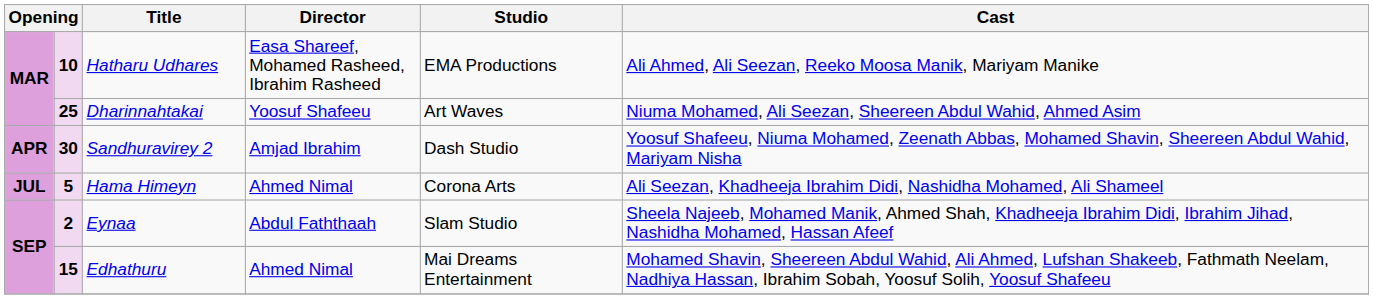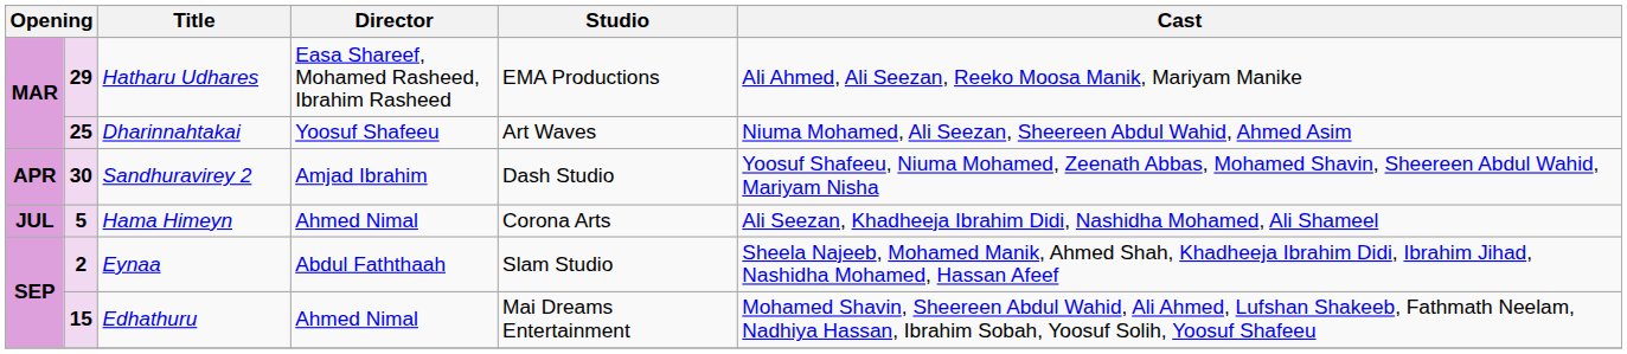 <table class="wikitable plainrowheaders" width="100%">
 <tr>
 <th scope="col" colspan="2" width=4%>Opening</th>
 <th scope="col" width=12%>Title</th>
 <th scope="col" width=13%>Director</th>
 <th scope="col" width=15%>Studio</th>
 <th scope="col" width=61%>Cast</th>
 </tr>
 <tr>
 <td style="text-align:center; background:plum; textcolor:#000;" rowspan="2"><strong>MAR</strong></td>
-<td style="text-align:center; background:#f1daf1;"><strong>10</strong></td>
+<td style="text-align:center; background:#f1daf1;"><strong>29</strong></td>
 <td><em><a href='#'>Hatharu Udhares</a></em></td>
 <td><a href='#'>Easa Shareef</a>,<br>Mohamed Rasheed,<br>Ibrahim Rasheed</td>
 <td>EMA Productions</td>
 <td><a href='#'>Ali Ahmed</a>, <a href='#'>Ali Seezan</a>, <a href='#'>Reeko Moosa Manik</a>, Mariyam Manike</td>
 </tr>
 <tr>
 <td style="text-align:center; background:#f1daf1;"><strong>25</strong></td>
 <td><em><a href='#'>Dharinnahtakai</a></em></td>
 <td><a href='#'>Yoosuf Shafeeu</a></td>
 <td>Art Waves</td>
 <td><a href='#'>Niuma Mohamed</a>, <a href='#'>Ali Seezan</a>, <a href='#'>Sheereen Abdul Wahid</a>, <a href='#'>Ahmed Asim</a></td>
 </tr>
 <tr>
 <td style="text-align:center; background:plum; textcolor:#000;"><strong>APR</strong></td>
 <td style="text-align:center; background:#f1daf1;"><strong>30</strong></td>
 <td><em><a href='#'>Sandhuravirey 2</a></em></td>
 <td><a href='#'>Amjad Ibrahim</a></td>
 <td>Dash Studio</td>
 <td><a href='#'>Yoosuf Shafeeu</a>, <a href='#'>Niuma Mohamed</a>, <a href='#'>Zeenath Abbas</a>, <a href='#'>Mohamed Shavin</a>, <a href='#'>Sheereen Abdul Wahid</a>, <a href='#'>Mariyam Nisha</a></td>
 </tr>
 <tr>
 <td style="text-align:center; background:plum; textcolor:#000;"><strong>JUL</strong></td>
 <td style="text-align:center; background:#f1daf1;"><strong>5</strong></td>
 <td><em><a href='#'>Hama Himeyn</a></em></td>
 <td><a href='#'>Ahmed Nimal</a></td>
 <td>Corona Arts</td>
 <td><a href='#'>Ali Seezan</a>, <a href='#'>Khadheeja Ibrahim Didi</a>, <a href='#'>Nashidha Mohamed</a>, <a href='#'>Ali Shameel</a></td>
 </tr>
 <tr>
 <td style="text-align:center; background:plum; textcolor:#000;" rowspan="2"><strong>SEP</strong></td>
 <td style="text-align:center; background:#f1daf1;"><strong>2</strong></td>
 <td><em><a href='#'>Eynaa</a></em></td>
 <td><a href='#'>Abdul Faththaah</a></td>
 <td>Slam Studio</td>
 <td><a href='#'>Sheela Najeeb</a>, <a href='#'>Mohamed Manik</a>, Ahmed Shah, <a href='#'>Khadheeja Ibrahim Didi</a>, <a href='#'>Ibrahim Jihad</a>, <a href='#'>Nashidha Mohamed</a>, <a href='#'>Hassan Afeef</a></td>
 </tr>
 <tr>
 <td style="text-align:center; background:#f1daf1;"><strong>15</strong></td>
 <td><em><a href='#'>Edhathuru</a></em></td>
 <td><a href='#'>Ahmed Nimal</a></td>
 <td>Mai Dreams Entertainment</td>
 <td><a href='#'>Mohamed Shavin</a>, <a href='#'>Sheereen Abdul Wahid</a>, <a href='#'>Ali Ahmed</a>, <a href='#'>Lufshan Shakeeb</a>, Fathmath Neelam, <a href='#'>Nadhiya Hassan</a>, Ibrahim Sobah, Yoosuf Solih, <a href='#'>Yoosuf Shafeeu</a></td>
 </tr>
 <tr>
 </tr>
 </table>
